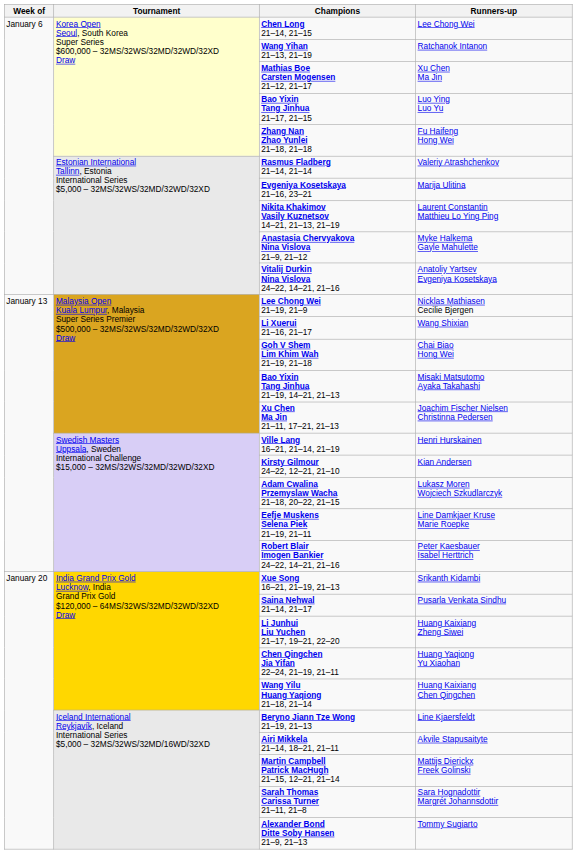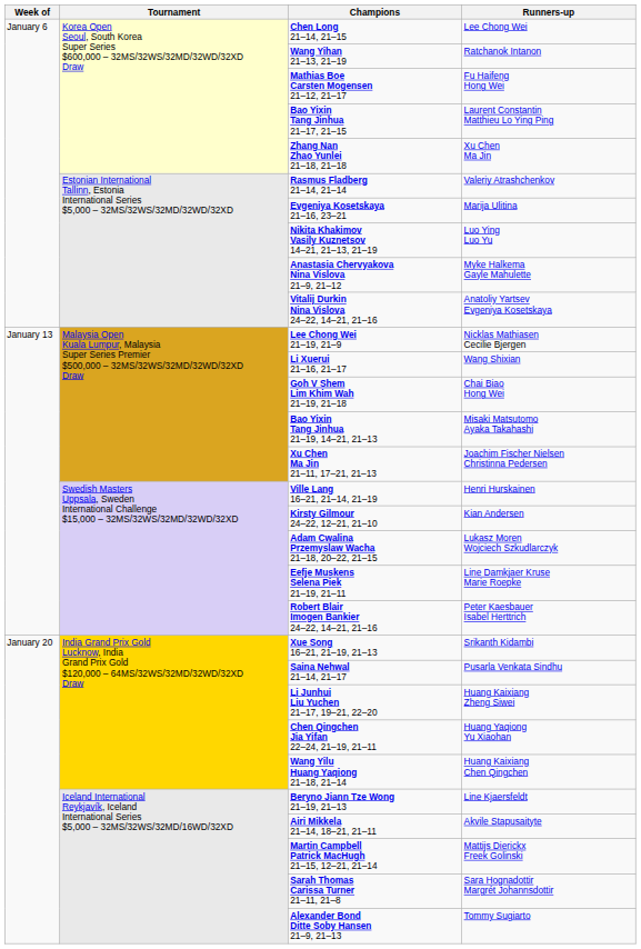 <table class=wikitable style=font-size:85%>
 <tr>
 <th width=75>Week of</th>
 <th width=330>Tournament</th>
 <th width=250>Champions</th>
 <th width=250>Runners-up</th>
 </tr>
 <tr valign=top>
 <td rowspan=10>January 6</td>
 <td style="background:#ffffcc;" rowspan="5"><a href='#'>Korea Open</a><br><a href='#'>Seoul</a>, South Korea<br>Super Series<br>$600,000 – 32MS/32WS/32MD/32WD/32XD<br><a href='#'>Draw</a></td>
 <td> <strong><a href='#'>Chen Long</a></strong><br>21–14, 21–15</td>
 <td> <a href='#'>Lee Chong Wei</a></td>
 </tr>
 <tr valign=top>
 <td> <strong><a href='#'>Wang Yihan</a></strong><br>21–13, 21–19</td>
 <td> <a href='#'>Ratchanok Intanon</a></td>
 </tr>
 <tr valign=top>
 <td> <strong><a href='#'>Mathias Boe</a></strong><br> <strong><a href='#'>Carsten Mogensen</a></strong><br>21–12, 21–17</td>
-<td> <a href='#'>Xu Chen</a><br> <a href='#'>Ma Jin</a></td>
+<td> <a href='#'>Fu Haifeng</a><br> <a href='#'>Hong Wei</a></td>
 </tr>
 <tr valign=top>
 <td> <strong><a href='#'>Bao Yixin</a></strong><br> <strong><a href='#'>Tang Jinhua</a></strong><br>21–17, 21–15</td>
-<td> <a href='#'>Luo Ying</a><br> <a href='#'>Luo Yu</a></td>
+<td> <a href='#'>Laurent Constantin</a><br> <a href='#'>Matthieu Lo Ying Ping</a></td>
 </tr>
 <tr valign=top>
 <td> <strong><a href='#'>Zhang Nan</a></strong><br> <strong><a href='#'>Zhao Yunlei</a></strong><br>21–18, 21–18</td>
-<td> <a href='#'>Fu Haifeng</a><br> <a href='#'>Hong Wei</a></td>
+<td> <a href='#'>Xu Chen</a><br> <a href='#'>Ma Jin</a></td>
 </tr>
 <tr valign=top>
 <td style="background:#E9E9E9;" rowspan="5"><a href='#'>Estonian International</a><br><a href='#'>Tallinn</a>, Estonia<br>International Series<br>$5,000 – 32MS/32WS/32MD/32WD/32XD</td>
 <td> <strong><a href='#'>Rasmus Fladberg</a></strong><br>21–14, 21–14</td>
 <td> <a href='#'>Valeriy Atrashchenkov</a></td>
 </tr>
 <tr valign=top>
 <td> <strong><a href='#'>Evgeniya Kosetskaya</a></strong><br>21–16, 23–21</td>
 <td> <a href='#'>Marija Ulitina</a></td>
 </tr>
 <tr valign=top>
 <td> <strong><a href='#'>Nikita Khakimov</a></strong><br> <strong><a href='#'>Vasily Kuznetsov</a></strong><br>14–21, 21–13, 21–19</td>
-<td> <a href='#'>Laurent Constantin</a><br> <a href='#'>Matthieu Lo Ying Ping</a></td>
+<td> <a href='#'>Luo Ying</a><br> <a href='#'>Luo Yu</a></td>
 </tr>
 <tr valign=top>
 <td> <strong><a href='#'>Anastasia Chervyakova</a></strong><br> <strong><a href='#'>Nina Vislova</a></strong><br>21–9, 21–12</td>
 <td> <a href='#'>Myke Halkema</a><br> <a href='#'>Gayle Mahulette</a></td>
 </tr>
 <tr valign=top>
 <td> <strong><a href='#'>Vitalij Durkin</a></strong><br> <strong><a href='#'>Nina Vislova</a></strong><br>24–22, 14–21, 21–16</td>
 <td> <a href='#'>Anatoliy Yartsev</a><br> <a href='#'>Evgeniya Kosetskaya</a></td>
 </tr>
 <tr valign=top>
 <td rowspan=10>January 13</td>
 <td style="background:#DAA520;" rowspan="5"><a href='#'>Malaysia Open</a><br><a href='#'>Kuala Lumpur</a>, Malaysia<br>Super Series Premier<br>$500,000 – 32MS/32WS/32MD/32WD/32XD<br><a href='#'>Draw</a></td>
 <td> <strong><a href='#'>Lee Chong Wei</a></strong><br>21–19, 21–9</td>
 <td> <a href='#'>Nicklas Mathiasen</a><br> Cecilie Bjergen</td>
 </tr>
 <tr valign=top>
 <td> <strong><a href='#'>Li Xuerui</a></strong><br>21–16, 21–17</td>
 <td> <a href='#'>Wang Shixian</a></td>
 </tr>
 <tr valign=top>
 <td> <strong><a href='#'>Goh V Shem</a></strong><br> <strong><a href='#'>Lim Khim Wah</a></strong><br>21–19, 21–18</td>
 <td> <a href='#'>Chai Biao</a><br> <a href='#'>Hong Wei</a></td>
 </tr>
 <tr valign=top>
 <td> <strong><a href='#'>Bao Yixin</a></strong><br> <strong><a href='#'>Tang Jinhua</a></strong><br>21–19, 14–21, 21–13</td>
 <td> <a href='#'>Misaki Matsutomo</a><br> <a href='#'>Ayaka Takahashi</a></td>
 </tr>
 <tr valign=top>
 <td> <strong><a href='#'>Xu Chen</a></strong><br> <strong><a href='#'>Ma Jin</a></strong><br>21–11, 17–21, 21–13</td>
 <td> <a href='#'>Joachim Fischer Nielsen</a><br> <a href='#'>Christinna Pedersen</a></td>
 </tr>
 <tr valign=top>
 <td style="background:#d8cef6;" rowspan="5"><a href='#'>Swedish Masters</a><br><a href='#'>Uppsala</a>, Sweden<br>International Challenge<br>$15,000 – 32MS/32WS/32MD/32WD/32XD</td>
 <td> <strong><a href='#'>Ville Lang</a></strong><br>16–21, 21–14, 21–19</td>
 <td> <a href='#'>Henri Hurskainen</a></td>
 </tr>
 <tr valign=top>
 <td> <strong><a href='#'>Kirsty Gilmour</a></strong><br>24–22, 12–21, 21–10</td>
 <td> <a href='#'>Kian Andersen</a></td>
 </tr>
 <tr valign=top>
 <td> <strong><a href='#'>Adam Cwalina</a></strong><br> <strong><a href='#'>Przemyslaw Wacha</a></strong><br>21–18, 20–22, 21–15</td>
 <td> <a href='#'>Lukasz Moren</a><br> <a href='#'>Wojciech Szkudlarczyk</a></td>
 </tr>
 <tr valign=top>
 <td> <strong><a href='#'>Eefje Muskens</a></strong><br> <strong><a href='#'>Selena Piek</a></strong><br>21–19, 21–11</td>
 <td> <a href='#'>Line Damkjaer Kruse</a><br> <a href='#'>Marie Roepke</a></td>
 </tr>
 <tr valign=top>
 <td> <strong><a href='#'>Robert Blair</a></strong><br> <strong><a href='#'>Imogen Bankier</a></strong><br>24–22, 14–21, 21–16</td>
 <td> <a href='#'>Peter Kaesbauer</a><br> <a href='#'>Isabel Herttrich</a></td>
 </tr>
 <tr valign=top>
 <td rowspan=10>January 20</td>
 <td style="background:#FFD700;" rowspan="5"><a href='#'>India Grand Prix Gold</a><br><a href='#'>Lucknow</a>, India<br>Grand Prix Gold<br>$120,000 – 64MS/32WS/32MD/32WD/32XD<br><a href='#'>Draw</a></td>
 <td> <strong><a href='#'>Xue Song</a></strong><br>16–21, 21–19, 21–13</td>
 <td> <a href='#'>Srikanth Kidambi</a></td>
 </tr>
 <tr valign=top>
 <td> <strong><a href='#'>Saina Nehwal</a></strong><br>21–14, 21–17</td>
 <td> <a href='#'>Pusarla Venkata Sindhu</a></td>
 </tr>
 <tr valign=top>
 <td> <strong><a href='#'>Li Junhui</a></strong><br> <strong><a href='#'>Liu Yuchen</a></strong><br>21–17, 19–21, 22–20</td>
 <td> <a href='#'>Huang Kaixiang</a><br> <a href='#'>Zheng Siwei</a></td>
 </tr>
 <tr valign=top>
 <td> <strong><a href='#'>Chen Qingchen</a></strong><br> <strong><a href='#'>Jia Yifan</a></strong><br>22–24, 21–19, 21–11</td>
 <td> <a href='#'>Huang Yaqiong</a><br> <a href='#'>Yu Xiaohan</a></td>
 </tr>
 <tr valign=top>
 <td> <strong><a href='#'>Wang Yilu</a></strong><br> <strong><a href='#'>Huang Yaqiong</a></strong><br>21–18, 21–14</td>
 <td> <a href='#'>Huang Kaixiang</a><br> <a href='#'>Chen Qingchen</a></td>
 </tr>
 <tr valign=top>
 <td style="background:#E9E9E9;" rowspan="5"><a href='#'>Iceland International</a><br><a href='#'>Reykjavík</a>, Iceland<br>International Series<br>$5,000 – 32MS/32WS/32MD/16WD/32XD</td>
 <td> <strong><a href='#'>Beryno Jiann Tze Wong</a></strong><br>21–19, 21–13</td>
 <td> <a href='#'>Line Kjaersfeldt</a></td>
 </tr>
 <tr valign=top>
 <td> <strong><a href='#'>Airi Mikkela</a></strong><br>21–14, 18–21, 21–11</td>
 <td> <a href='#'>Akvile Stapusaityte</a></td>
 </tr>
 <tr valign=top>
 <td> <strong><a href='#'>Martin Campbell</a></strong><br> <strong><a href='#'>Patrick MacHugh</a></strong><br>21–15, 12–21, 21–14</td>
 <td> <a href='#'>Mattijs Dierickx</a><br> <a href='#'>Freek Golinski</a></td>
 </tr>
 <tr valign=top>
 <td> <strong><a href='#'>Sarah Thomas</a></strong><br> <strong><a href='#'>Carissa Turner</a></strong><br>21–11, 21–8</td>
 <td> <a href='#'>Sara Hognadottir</a><br> <a href='#'>Margrét Johannsdottir</a></td>
 </tr>
 <tr valign=top>
 <td> <strong><a href='#'>Alexander Bond</a></strong><br> <strong><a href='#'>Ditte Soby Hansen</a></strong><br>21–9, 21–13</td>
 <td> <a href='#'>Tommy Sugiarto</a></td>
 </tr>
 </table>
